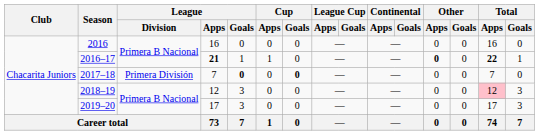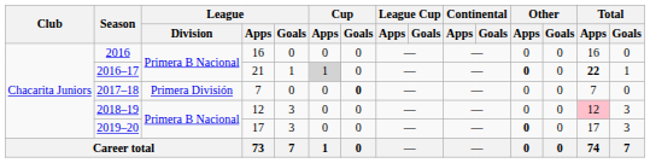 <table class="wikitable" style="text-align:center">
 <tr>
 <th rowspan="2">Club</th>
 <th rowspan="2">Season</th>
 <th colspan="3">League</th>
 <th colspan="2">Cup</th>
 <th colspan="2">League Cup</th>
 <th colspan="2">Continental</th>
 <th colspan="2">Other</th>
 <th colspan="2">Total</th>
 </tr>
 <tr>
 <th>Division</th>
 <th>Apps</th>
 <th>Goals</th>
 <th>Apps</th>
 <th>Goals</th>
 <th>Apps</th>
 <th>Goals</th>
 <th>Apps</th>
 <th>Goals</th>
 <th>Apps</th>
 <th>Goals</th>
 <th>Apps</th>
 <th>Goals</th>
 </tr>
 <tr>
 <td rowspan="5"><a href='#'>Chacarita Juniors</a></td>
 <td><a href='#'>2016</a></td>
 <td rowspan="2"><a href='#'>Primera B Nacional</a></td>
 <td>16</td>
 <td>0</td>
 <td>0</td>
 <td>0</td>
 <td colspan="2">—</td>
 <td colspan="2">—</td>
 <td>0</td>
 <td>0</td>
 <td>16</td>
 <td>0</td>
 </tr>
 <tr>
 <td><a href='#'>2016–17</a></td>
-<td><strong>21</strong></td>
+<td>21</td>
 <td>1</td>
-<td>1</td>
+<td style="background: lightgrey;">1</td>
 <td>0</td>
 <td colspan="2">—</td>
 <td colspan="2">—</td>
 <td><strong>0</strong></td>
 <td>0</td>
 <td><strong>22</strong></td>
 <td>1</td>
 </tr>
 <tr>
 <td><a href='#'>2017–18</a></td>
 <td rowspan="1"><a href='#'>Primera División</a></td>
 <td>7</td>
-<td><strong>0</strong></td>
+<td>0</td>
 <td>0</td>
 <td><strong>0</strong></td>
 <td colspan="2">—</td>
 <td colspan="2">—</td>
 <td>0</td>
 <td>0</td>
 <td>7</td>
 <td>0</td>
 </tr>
 <tr>
 <td><a href='#'>2018–19</a></td>
 <td rowspan="2"><a href='#'>Primera B Nacional</a></td>
 <td>12</td>
 <td>3</td>
 <td>0</td>
 <td>0</td>
 <td colspan="2">—</td>
 <td colspan="2">—</td>
 <td>0</td>
 <td>0</td>
 <td style="background: pink;">12</td>
 <td>3</td>
 </tr>
 <tr>
 <td><a href='#'>2019–20</a></td>
 <td>17</td>
 <td>3</td>
 <td>0</td>
 <td>0</td>
 <td colspan="2">—</td>
 <td colspan="2">—</td>
-<td>0</td>
+<td><strong>0</strong></td>
 <td>0</td>
 <td>17</td>
 <td>3</td>
 </tr>
 <tr>
 <th colspan="3">Career total</th>
 <th>73</th>
 <th>7</th>
 <th>1</th>
 <th>0</th>
 <th colspan="2">—</th>
 <th colspan="2">—</th>
 <th>0</th>
 <th>0</th>
 <th>74</th>
 <th>7</th>
 </tr>
 </table>
